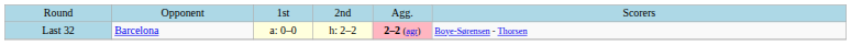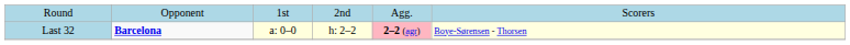 <table class="wikitable" style="text-align:center">
 <tr bgcolor=lightblue>
 <td width=150px>Round</td>
 <td width=200px>Opponent</td>
 <td width=80px>1st</td>
 <td width=80px>2nd</td>
 <td width=80px>Agg.</td>
 <td width=600px>Scorers</td>
 </tr>
 <tr>
 <td bgcolor=lightblue>Last 32</td>
-<td align=left> <a href='#'>Barcelona</a></td>
+<td align=left><strong> <a href='#'>Barcelona</a></strong></td>
 <td bgcolor="#ffffdd">a: 0–0</td>
 <td bgcolor="#ffffdd">h: 2–2</td>
 <td bgcolor=lightpink><strong>2–2</strong> <small>(<a href='#'>agr</a>)</small></td>
-<td align=left><small><a href='#'>Boye-Sørensen</a> - <a href='#'>Thorsen</a></small></td>
+<td align=left style="background: lightyellow;"><small><a href='#'>Boye-Sørensen</a> - <a href='#'>Thorsen</a></small></td>
 </tr>
 <tr>
 </tr>
 </table>
